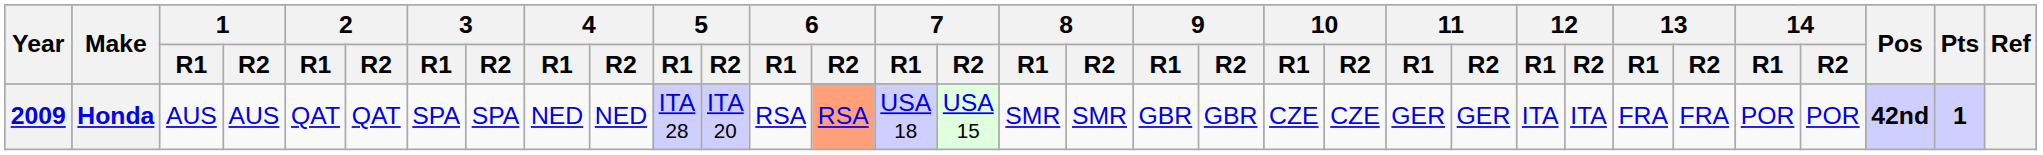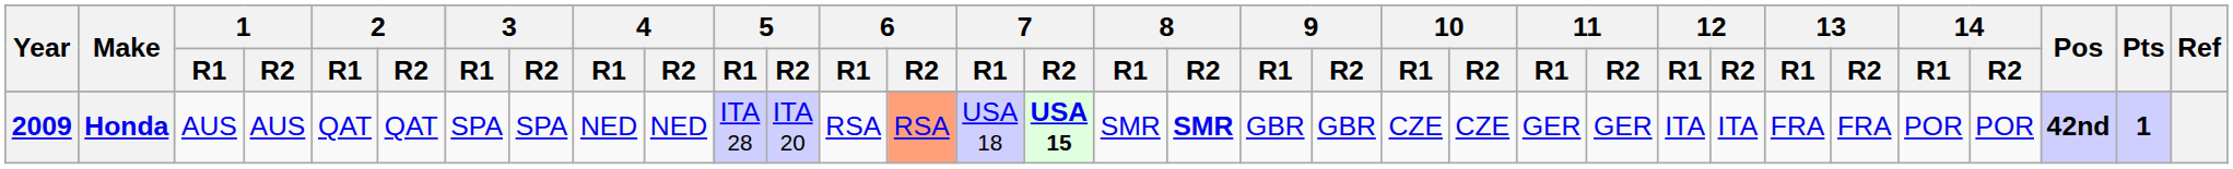 <table class="wikitable" style="text-align:center; font-size:90%">
 <tr>
 <th valign="middle" rowspan=2>Year</th>
 <th valign="middle" rowspan=2>Make</th>
 <th colspan=2>1</th>
 <th colspan=2>2</th>
 <th colspan=2>3</th>
 <th colspan=2>4</th>
 <th colspan=2>5</th>
 <th colspan=2>6</th>
 <th colspan=2>7</th>
 <th colspan=2>8</th>
 <th colspan=2>9</th>
 <th colspan=2>10</th>
 <th colspan=2>11</th>
 <th colspan=2>12</th>
 <th colspan=2>13</th>
 <th colspan=2>14</th>
 <th rowspan=2>Pos</th>
 <th rowspan=2>Pts</th>
 <th rowspan=2>Ref</th>
 </tr>
 <tr>
 <th>R1</th>
 <th>R2</th>
 <th>R1</th>
 <th>R2</th>
 <th>R1</th>
 <th>R2</th>
 <th>R1</th>
 <th>R2</th>
 <th>R1</th>
 <th>R2</th>
 <th>R1</th>
 <th>R2</th>
 <th>R1</th>
 <th>R2</th>
 <th>R1</th>
 <th>R2</th>
 <th>R1</th>
 <th>R2</th>
 <th>R1</th>
 <th>R2</th>
 <th>R1</th>
 <th>R2</th>
 <th>R1</th>
 <th>R2</th>
 <th>R1</th>
 <th>R2</th>
 <th>R1</th>
 <th>R2</th>
 </tr>
 <tr>
 <th rowspan=2><a href='#'>2009</a></th>
 <th><a href='#'>Honda</a></th>
 <td><a href='#'>AUS</a></td>
 <td><a href='#'>AUS</a></td>
 <td><a href='#'>QAT</a></td>
 <td><a href='#'>QAT</a></td>
 <td><a href='#'>SPA</a></td>
 <td><a href='#'>SPA</a></td>
 <td><a href='#'>NED</a></td>
 <td><a href='#'>NED</a></td>
 <td style="background:#CFCFFF;"><a href='#'>ITA</a><br><small>28</small></td>
 <td style="background:#CFCFFF;"><a href='#'>ITA</a><br><small>20</small></td>
 <td><a href='#'>RSA</a></td>
 <td style="background: lightsalmon;"><a href='#'>RSA</a></td>
 <td style="background:#CFCFFF;"><a href='#'>USA</a><br><small>18</small></td>
-<td style="background:#DFFFDF;"><a href='#'>USA</a><br><small>15</small></td>
+<td style="background:#DFFFDF;"><strong><a href='#'>USA</a><br><small>15</small></strong></td>
 <td><a href='#'>SMR</a></td>
-<td><a href='#'>SMR</a></td>
+<td><strong><a href='#'>SMR</a></strong></td>
 <td><a href='#'>GBR</a></td>
 <td><a href='#'>GBR</a></td>
 <td><a href='#'>CZE</a></td>
 <td><a href='#'>CZE</a></td>
 <td><a href='#'>GER</a></td>
 <td><a href='#'>GER</a></td>
 <td><a href='#'>ITA</a></td>
 <td><a href='#'>ITA</a></td>
 <td><a href='#'>FRA</a></td>
 <td><a href='#'>FRA</a></td>
 <td><a href='#'>POR</a></td>
 <td><a href='#'>POR</a></td>
 <td style="background:#CFCFFF;"><strong>42nd</strong></td>
 <td style="background:#CFCFFF;"><strong>1</strong></td>
 <th></th>
 </tr>
 </table>
